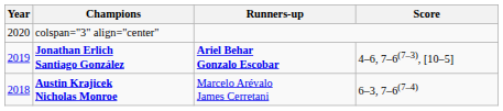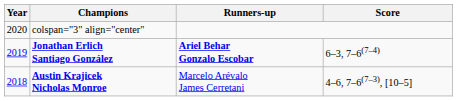 <table class="wikitable" style="font-size:90%">
 <tr>
 <th>Year</th>
 <th width="200">Champions</th>
 <th width="200">Runners-up</th>
 <th width="175">Score</th>
 </tr>
 <tr>
 <td>2020</td>
 <td>colspan="3" align="center" </td>
 </tr>
 <tr>
 <td><a href='#'>2019</a></td>
 <td> <strong><a href='#'>Jonathan Erlich</a></strong><br> <strong><a href='#'>Santiago González</a></strong></td>
 <td><strong> <a href='#'>Ariel Behar</a><br> <a href='#'>Gonzalo Escobar</a></strong></td>
-<td>4–6, 7–6<sup>(7–3)</sup>, [10–5]</td>
+<td>6–3, 7–6<sup>(7–4)</sup></td>
 </tr>
 <tr>
 <td><a href='#'>2018</a></td>
 <td> <strong><a href='#'>Austin Krajicek</a></strong><br> <strong><a href='#'>Nicholas Monroe</a></strong></td>
 <td> <a href='#'>Marcelo Arévalo</a><br> <a href='#'>James Cerretani</a></td>
-<td>6–3, 7–6<sup>(7–4)</sup></td>
+<td>4–6, 7–6<sup>(7–3)</sup>, [10–5]</td>
 </tr>
 </table>
